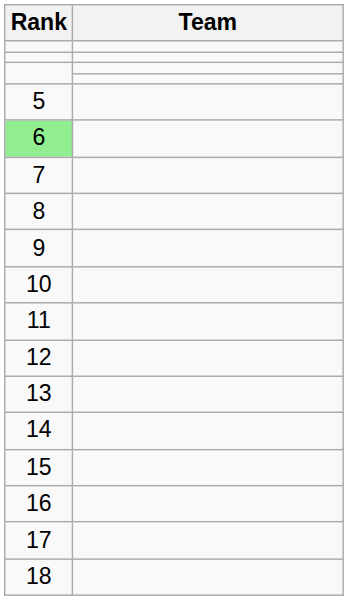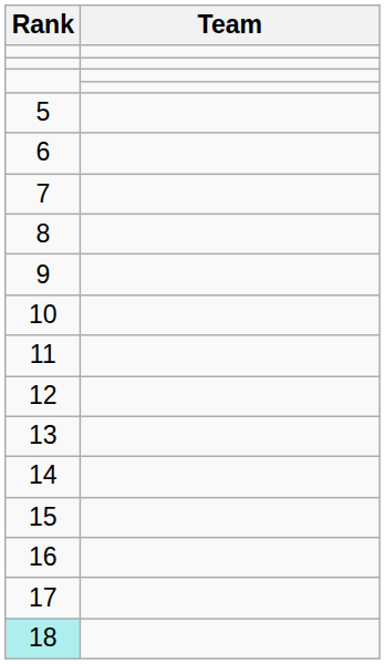 <table class="wikitable" style="text-align:center;">
 <tr>
 <th width=40>Rank</th>
 <th width=180>Team</th>
 </tr>
 <tr>
 <td align=center></td>
 <td align=left></td>
 </tr>
 <tr>
 <td align=center></td>
 <td align=left></td>
 </tr>
 <tr>
 <td rowspan=2 align=center></td>
 <td align=left></td>
 </tr>
 <tr>
 <td align=left></td>
 </tr>
 <tr>
 <td align=center>5</td>
 <td align=left></td>
 </tr>
 <tr>
-<td align=center style="background: lightgreen;">6</td>
+<td align=center>6</td>
 <td align=left></td>
 </tr>
 <tr>
 <td align=center>7</td>
 <td align=left></td>
 </tr>
 <tr>
 <td align=center>8</td>
 <td align=left></td>
 </tr>
 <tr>
 <td align=center>9</td>
 <td align=left></td>
 </tr>
 <tr>
 <td align=center>10</td>
 <td align=left></td>
 </tr>
 <tr>
 <td align=center>11</td>
 <td align=left></td>
 </tr>
 <tr>
 <td align=center>12</td>
 <td align=left></td>
 </tr>
 <tr>
 <td align=center>13</td>
 <td align=left></td>
 </tr>
 <tr>
 <td align=center>14</td>
 <td align=left></td>
 </tr>
 <tr>
 <td align=center>15</td>
 <td align=left></td>
 </tr>
 <tr>
 <td align=center>16</td>
 <td align=left></td>
 </tr>
 <tr>
 <td align=center>17</td>
 <td align=left></td>
 </tr>
 <tr>
-<td align=center>18</td>
+<td align=center style="background: paleturquoise;">18</td>
 <td align=left></td>
 </tr>
 </table>
